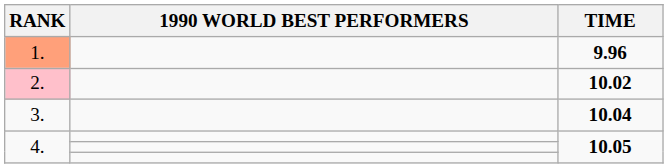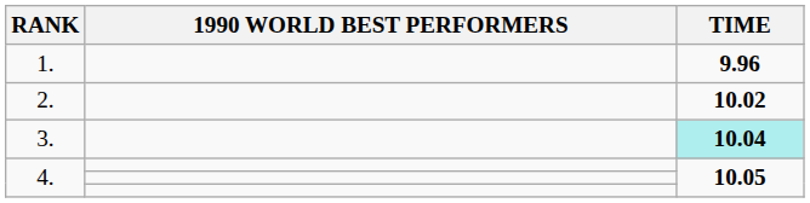 <table class="wikitable" style="border-collapse: collapse; font-size: 90%;">
 <tr>
 <th>RANK</th>
 <th align="center" style="width: 25em">1990 WORLD BEST PERFORMERS</th>
 <th align="center" style="width: 5em">TIME</th>
 </tr>
 <tr>
-<td align="center" style="background: lightsalmon;">1.</td>
+<td align="center">1.</td>
 <td></td>
 <td align="center"><strong>9.96</strong></td>
 </tr>
 <tr>
-<td align="center" style="background: pink;">2.</td>
+<td align="center">2.</td>
 <td></td>
 <td align="center"><strong>10.02</strong></td>
 </tr>
 <tr>
 <td align="center">3.</td>
 <td></td>
-<td align="center"><strong>10.04</strong></td>
+<td align="center" style="background: paleturquoise;"><strong>10.04</strong></td>
 </tr>
 <tr>
 <td rowspan=3 align="center">4.</td>
 <td></td>
 <td rowspan=3 align="center"><strong>10.05</strong></td>
 </tr>
 <tr>
 <td></td>
 </tr>
 <tr>
 <td></td>
 </tr>
 </table>
